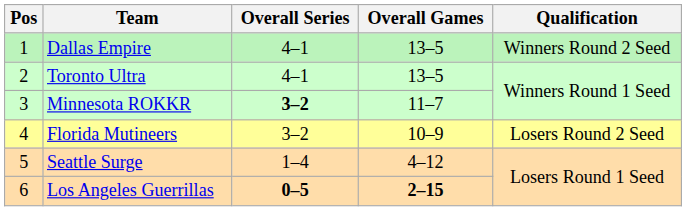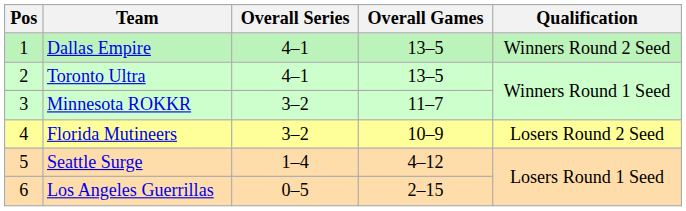 <table class="wikitable" width="600px" style="text-align:center">
 <tr>
 <th>Pos</th>
 <th>Team</th>
 <th>Overall Series</th>
 <th>Overall Games</th>
 <th>Qualification</th>
 </tr>
 <tr style="background:#BBF3BB;">
 <td>1</td>
 <td style="text-align:left"><a href='#'>Dallas Empire</a></td>
 <td>4–1</td>
 <td>13–5</td>
 <td>Winners Round 2 Seed</td>
 </tr>
 <tr style="background:#CCFFCC;">
 <td>2</td>
 <td style="text-align:left"><a href='#'>Toronto Ultra</a></td>
 <td>4–1</td>
 <td>13–5</td>
 <td rowspan="2">Winners Round 1 Seed</td>
 </tr>
 <tr style="background:#CCFFCC;">
 <td>3</td>
 <td style="text-align:left"><a href='#'>Minnesota ROKKR</a></td>
-<td><strong>3–2</strong></td>
+<td>3–2</td>
 <td>11–7</td>
 </tr>
 <tr style="background:#FFFF99;">
 <td>4</td>
 <td style="text-align:left"><a href='#'>Florida Mutineers</a></td>
 <td>3–2</td>
 <td>10–9</td>
 <td>Losers Round 2 Seed</td>
 </tr>
 <tr style="background:#FFDDAA;">
 <td>5</td>
 <td style="text-align:left"><a href='#'>Seattle Surge</a></td>
 <td>1–4</td>
 <td>4–12</td>
 <td rowspan="2">Losers Round 1 Seed</td>
 </tr>
 <tr style="background:#FFDDAA;">
 <td>6</td>
 <td style="text-align:left"><a href='#'>Los Angeles Guerrillas</a></td>
-<td><strong>0–5</strong></td>
-<td><strong>2–15</strong></td>
+<td>0–5</td>
+<td>2–15</td>
 </tr>
 </table>
